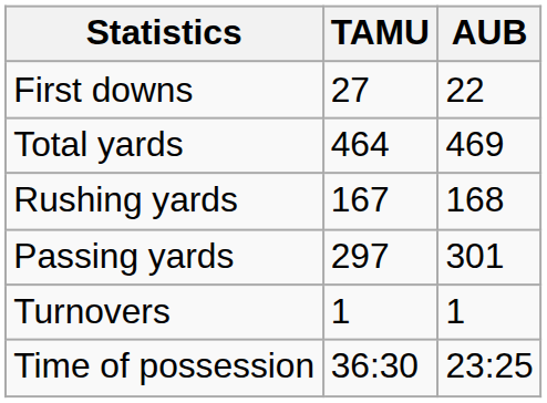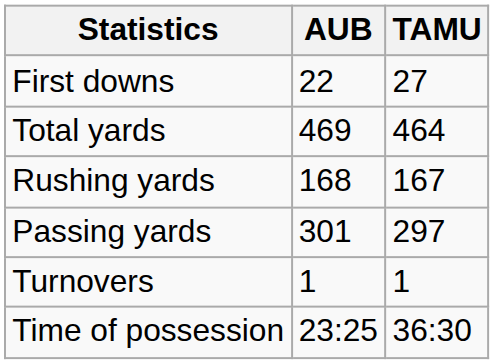 <table class="wikitable" style="float: left;">
 <tr>
 <th>Statistics</th>
+<th>AUB</th>
 <th>TAMU</th>
-<th>AUB</th>
 </tr>
 <tr>
 <td>First downs</td>
+<td>22</td>
 <td>27</td>
-<td>22</td>
 </tr>
 <tr>
 <td>Total yards</td>
+<td>469</td>
 <td>464</td>
-<td>469</td>
 </tr>
 <tr>
 <td>Rushing yards</td>
+<td>168</td>
 <td>167</td>
-<td>168</td>
 </tr>
 <tr>
 <td>Passing yards</td>
+<td>301</td>
 <td>297</td>
-<td>301</td>
 </tr>
 <tr>
 <td>Turnovers</td>
 <td>1</td>
 <td>1</td>
 </tr>
 <tr>
 <td>Time of possession</td>
+<td>23:25</td>
 <td>36:30</td>
-<td>23:25</td>
 </tr>
 </table>
